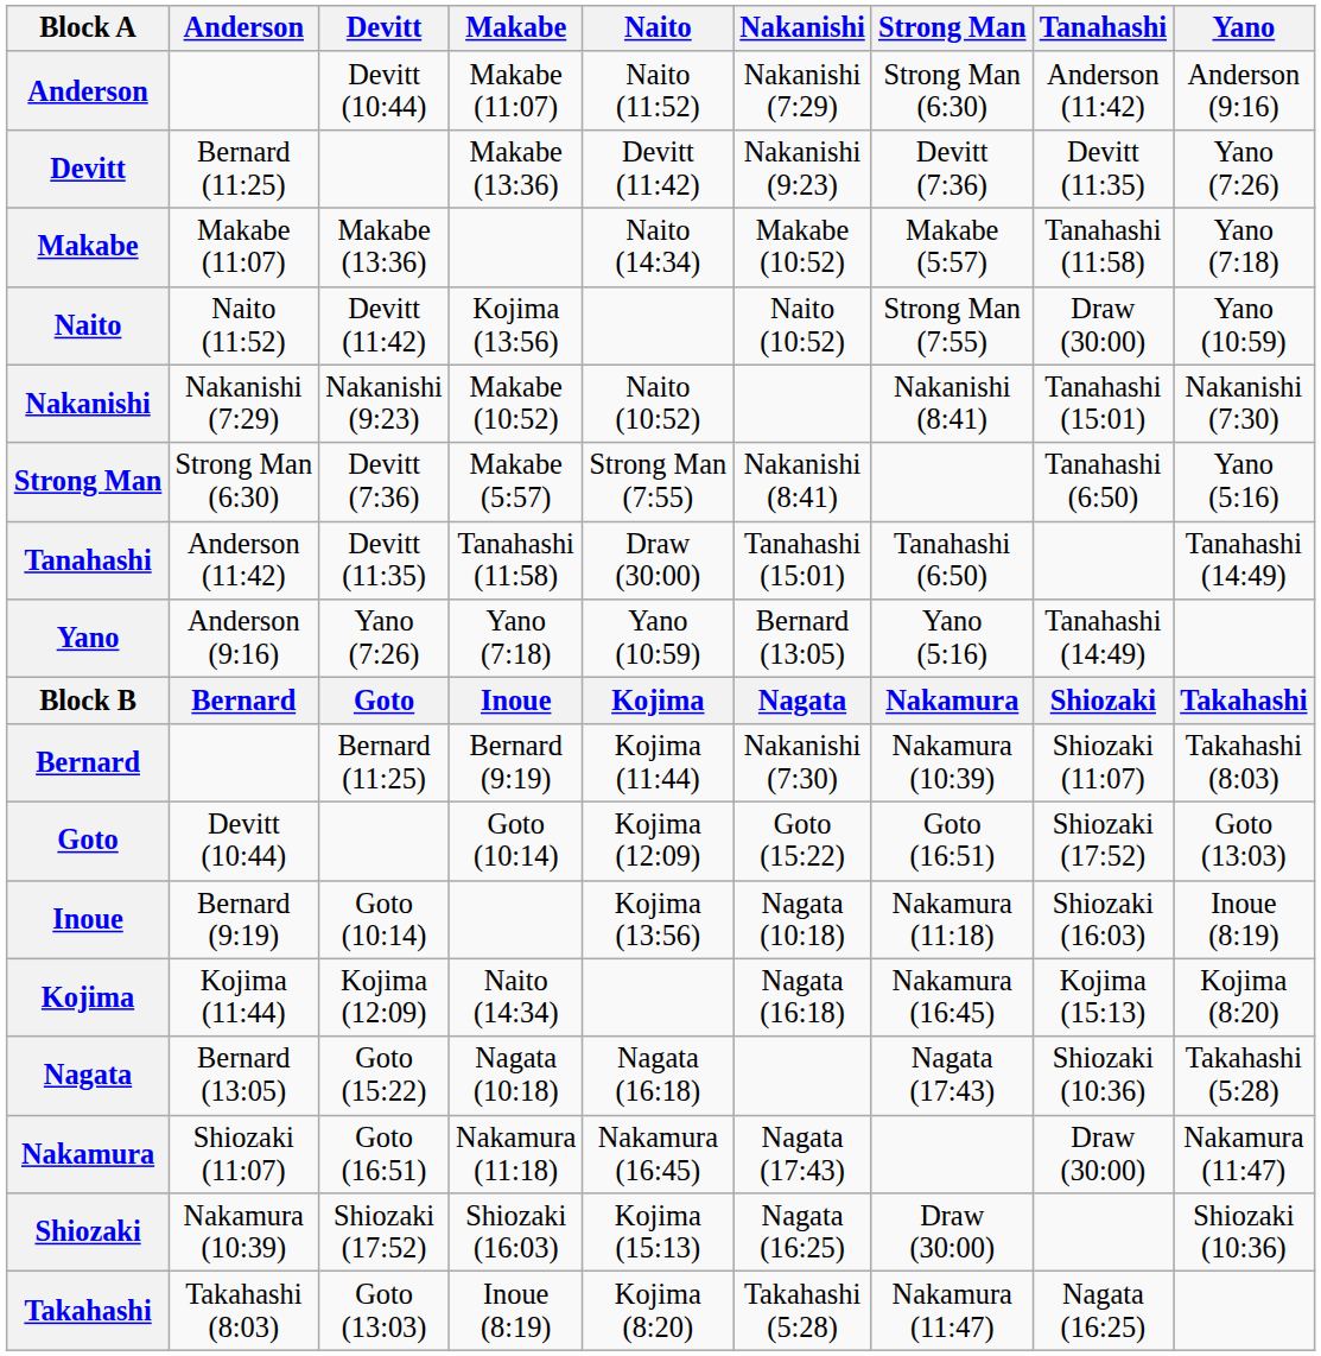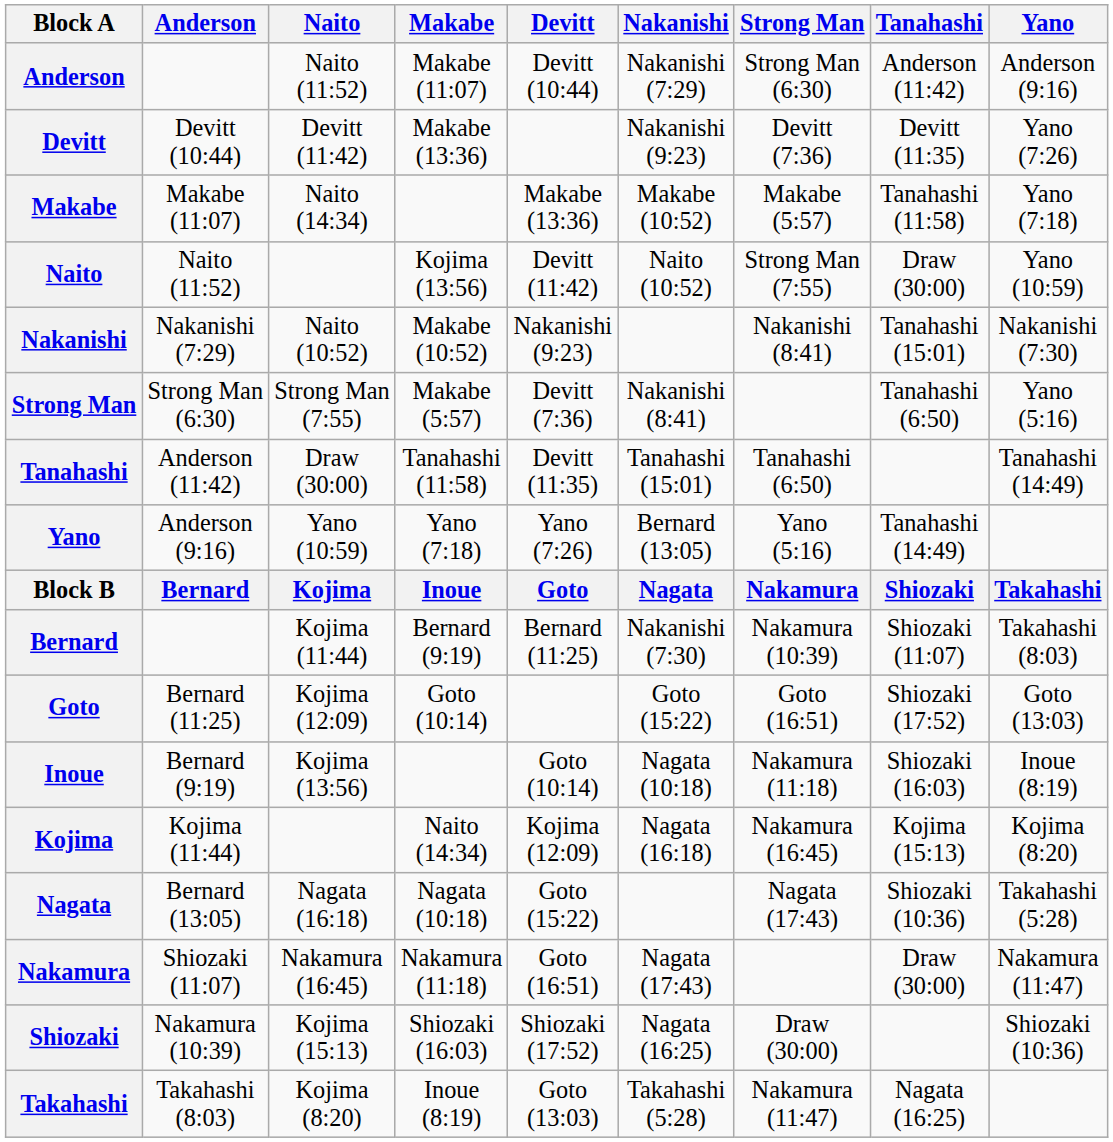 <table class="wikitable" style="margin: 1em auto 1em auto">
 <tr align="center">
 <th>Block A</th>
 <th><a href='#'>Anderson</a></th>
+<th><a href='#'>Naito</a></th>
+<th><a href='#'>Makabe</a></th>
 <th><a href='#'>Devitt</a></th>
-<th><a href='#'>Makabe</a></th>
-<th><a href='#'>Naito</a></th>
 <th><a href='#'>Nakanishi</a></th>
 <th><a href='#'>Strong Man</a></th>
 <th><a href='#'>Tanahashi</a></th>
 <th><a href='#'>Yano</a></th>
 </tr>
 <tr align="center">
 <th><a href='#'>Anderson</a></th>
 <td></td>
+<td>Naito<br>(11:52)</td>
+<td>Makabe<br>(11:07)</td>
 <td>Devitt<br>(10:44)</td>
-<td>Makabe<br>(11:07)</td>
-<td>Naito<br>(11:52)</td>
 <td>Nakanishi<br>(7:29)</td>
 <td>Strong Man<br>(6:30)</td>
 <td>Anderson<br>(11:42)</td>
 <td>Anderson<br>(9:16)</td>
 </tr>
 <tr align="center">
 <th><a href='#'>Devitt</a></th>
-<td>Bernard<br>(11:25)</td>
+<td>Devitt<br>(10:44)</td>
+<td>Devitt<br>(11:42)</td>
+<td>Makabe<br>(13:36)</td>
 <td></td>
-<td>Makabe<br>(13:36)</td>
-<td>Devitt<br>(11:42)</td>
 <td>Nakanishi<br>(9:23)</td>
 <td>Devitt<br>(7:36)</td>
 <td>Devitt<br>(11:35)</td>
 <td>Yano<br>(7:26)</td>
 </tr>
 <tr align="center">
 <th><a href='#'>Makabe</a></th>
 <td>Makabe<br>(11:07)</td>
+<td>Naito<br>(14:34)</td>
+<td></td>
 <td>Makabe<br>(13:36)</td>
-<td></td>
-<td>Naito<br>(14:34)</td>
 <td>Makabe<br>(10:52)</td>
 <td>Makabe<br>(5:57)</td>
 <td>Tanahashi<br>(11:58)</td>
 <td>Yano<br>(7:18)</td>
 </tr>
 <tr align="center">
 <th><a href='#'>Naito</a></th>
 <td>Naito<br>(11:52)</td>
+<td></td>
+<td>Kojima<br>(13:56)</td>
 <td>Devitt<br>(11:42)</td>
-<td>Kojima<br>(13:56)</td>
-<td></td>
 <td>Naito<br>(10:52)</td>
 <td>Strong Man<br>(7:55)</td>
 <td>Draw<br>(30:00)</td>
 <td>Yano<br>(10:59)</td>
 </tr>
 <tr align="center">
 <th><a href='#'>Nakanishi</a></th>
 <td>Nakanishi<br>(7:29)</td>
+<td>Naito<br>(10:52)</td>
+<td>Makabe<br>(10:52)</td>
 <td>Nakanishi<br>(9:23)</td>
-<td>Makabe<br>(10:52)</td>
-<td>Naito<br>(10:52)</td>
 <td></td>
 <td>Nakanishi<br>(8:41)</td>
 <td>Tanahashi<br>(15:01)</td>
 <td>Nakanishi<br>(7:30)</td>
 </tr>
 <tr align="center">
 <th><a href='#'>Strong Man</a></th>
 <td>Strong Man<br>(6:30)</td>
+<td>Strong Man<br>(7:55)</td>
+<td>Makabe<br>(5:57)</td>
 <td>Devitt<br>(7:36)</td>
-<td>Makabe<br>(5:57)</td>
-<td>Strong Man<br>(7:55)</td>
 <td>Nakanishi<br>(8:41)</td>
 <td></td>
 <td>Tanahashi<br>(6:50)</td>
 <td>Yano<br>(5:16)</td>
 </tr>
 <tr align="center">
 <th><a href='#'>Tanahashi</a></th>
 <td>Anderson<br>(11:42)</td>
+<td>Draw<br>(30:00)</td>
+<td>Tanahashi<br>(11:58)</td>
 <td>Devitt<br>(11:35)</td>
-<td>Tanahashi<br>(11:58)</td>
-<td>Draw<br>(30:00)</td>
 <td>Tanahashi<br>(15:01)</td>
 <td>Tanahashi<br>(6:50)</td>
 <td></td>
 <td>Tanahashi<br>(14:49)</td>
 </tr>
 <tr align="center">
 <th><a href='#'>Yano</a></th>
 <td>Anderson<br>(9:16)</td>
+<td>Yano<br>(10:59)</td>
+<td>Yano<br>(7:18)</td>
 <td>Yano<br>(7:26)</td>
-<td>Yano<br>(7:18)</td>
-<td>Yano<br>(10:59)</td>
 <td>Bernard<br>(13:05)</td>
 <td>Yano<br>(5:16)</td>
 <td>Tanahashi<br>(14:49)</td>
 <td></td>
 </tr>
 <tr align="center">
 <th>Block B</th>
 <th><a href='#'>Bernard</a></th>
+<th><a href='#'>Kojima</a></th>
+<th><a href='#'>Inoue</a></th>
 <th><a href='#'>Goto</a></th>
-<th><a href='#'>Inoue</a></th>
-<th><a href='#'>Kojima</a></th>
 <th><a href='#'>Nagata</a></th>
 <th><a href='#'>Nakamura</a></th>
 <th><a href='#'>Shiozaki</a></th>
 <th><a href='#'>Takahashi</a></th>
 </tr>
 <tr align="center">
 <th><a href='#'>Bernard</a></th>
 <td></td>
+<td>Kojima<br>(11:44)</td>
+<td>Bernard<br>(9:19)</td>
 <td>Bernard<br>(11:25)</td>
-<td>Bernard<br>(9:19)</td>
-<td>Kojima<br>(11:44)</td>
 <td>Nakanishi<br>(7:30)</td>
 <td>Nakamura<br>(10:39)</td>
 <td>Shiozaki<br>(11:07)</td>
 <td>Takahashi<br>(8:03)</td>
 </tr>
 <tr align="center">
 <th><a href='#'>Goto</a></th>
-<td>Devitt<br>(10:44)</td>
+<td>Bernard<br>(11:25)</td>
+<td>Kojima<br>(12:09)</td>
+<td>Goto<br>(10:14)</td>
 <td></td>
-<td>Goto<br>(10:14)</td>
-<td>Kojima<br>(12:09)</td>
 <td>Goto<br>(15:22)</td>
 <td>Goto<br>(16:51)</td>
 <td>Shiozaki<br>(17:52)</td>
 <td>Goto<br>(13:03)</td>
 </tr>
 <tr align="center">
 <th><a href='#'>Inoue</a></th>
 <td>Bernard<br>(9:19)</td>
+<td>Kojima<br>(13:56)</td>
+<td></td>
 <td>Goto<br>(10:14)</td>
-<td></td>
-<td>Kojima<br>(13:56)</td>
 <td>Nagata<br>(10:18)</td>
 <td>Nakamura<br>(11:18)</td>
 <td>Shiozaki<br>(16:03)</td>
 <td>Inoue<br>(8:19)</td>
 </tr>
 <tr align="center">
 <th><a href='#'>Kojima</a></th>
 <td>Kojima<br>(11:44)</td>
+<td></td>
+<td>Naito<br>(14:34)</td>
 <td>Kojima<br>(12:09)</td>
-<td>Naito<br>(14:34)</td>
-<td></td>
 <td>Nagata<br>(16:18)</td>
 <td>Nakamura<br>(16:45)</td>
 <td>Kojima<br>(15:13)</td>
 <td>Kojima<br>(8:20)</td>
 </tr>
 <tr align="center">
 <th><a href='#'>Nagata</a></th>
 <td>Bernard<br>(13:05)</td>
+<td>Nagata<br>(16:18)</td>
+<td>Nagata<br>(10:18)</td>
 <td>Goto<br>(15:22)</td>
-<td>Nagata<br>(10:18)</td>
-<td>Nagata<br>(16:18)</td>
 <td></td>
 <td>Nagata<br>(17:43)</td>
 <td>Shiozaki<br>(10:36)</td>
 <td>Takahashi<br>(5:28)</td>
 </tr>
 <tr align="center">
 <th><a href='#'>Nakamura</a></th>
 <td>Shiozaki<br>(11:07)</td>
+<td>Nakamura<br>(16:45)</td>
+<td>Nakamura<br>(11:18)</td>
 <td>Goto<br>(16:51)</td>
-<td>Nakamura<br>(11:18)</td>
-<td>Nakamura<br>(16:45)</td>
 <td>Nagata<br>(17:43)</td>
 <td></td>
 <td>Draw<br>(30:00)</td>
 <td>Nakamura<br>(11:47)</td>
 </tr>
 <tr align="center">
 <th><a href='#'>Shiozaki</a></th>
 <td>Nakamura<br>(10:39)</td>
+<td>Kojima<br>(15:13)</td>
+<td>Shiozaki<br>(16:03)</td>
 <td>Shiozaki<br>(17:52)</td>
-<td>Shiozaki<br>(16:03)</td>
-<td>Kojima<br>(15:13)</td>
 <td>Nagata<br>(16:25)</td>
 <td>Draw<br>(30:00)</td>
 <td></td>
 <td>Shiozaki<br>(10:36)</td>
 </tr>
 <tr align="center">
 <th><a href='#'>Takahashi</a></th>
 <td>Takahashi<br>(8:03)</td>
+<td>Kojima<br>(8:20)</td>
+<td>Inoue<br>(8:19)</td>
 <td>Goto<br>(13:03)</td>
-<td>Inoue<br>(8:19)</td>
-<td>Kojima<br>(8:20)</td>
 <td>Takahashi<br>(5:28)</td>
 <td>Nakamura<br>(11:47)</td>
 <td>Nagata<br>(16:25)</td>
 <td></td>
 </tr>
 </table>
